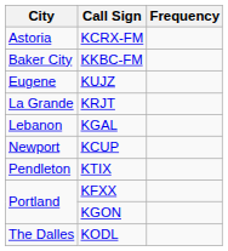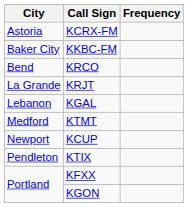 <table class="wikitable">
 <tr>
 <th scope="col">City</th>
 <th scope="col">Call Sign</th>
 <th scope="col">Frequency</th>
 </tr>
 <tr>
 <td><a href='#'>Astoria</a></td>
 <td><a href='#'>KCRX-FM</a></td>
 <td></td>
 </tr>
 <tr>
 <td><a href='#'>Baker City</a></td>
 <td><a href='#'>KKBC-FM</a></td>
 <td></td>
 </tr>
 <tr>
-<td><a href='#'>Eugene</a></td>
-<td><a href='#'>KUJZ</a></td>
+<td><a href='#'>Bend</a></td>
+<td><a href='#'>KRCO</a></td>
 <td></td>
 </tr>
 <tr>
 <td><a href='#'>La Grande</a></td>
 <td><a href='#'>KRJT</a></td>
 <td></td>
 </tr>
 <tr>
 <td><a href='#'>Lebanon</a></td>
 <td><a href='#'>KGAL</a></td>
+<td></td>
+</tr>
+<tr>
+<td><a href='#'>Medford</a></td>
+<td><a href='#'>KTMT</a></td>
 <td></td>
 </tr>
 <tr>
 <td><a href='#'>Newport</a></td>
 <td><a href='#'>KCUP</a></td>
 <td></td>
 </tr>
 <tr>
 <td><a href='#'>Pendleton</a></td>
 <td><a href='#'>KTIX</a></td>
 <td></td>
 </tr>
 <tr>
 <td rowspan=2><a href='#'>Portland</a></td>
 <td><a href='#'>KFXX</a></td>
 <td></td>
 </tr>
 <tr>
 <td><a href='#'>KGON</a></td>
 <td></td>
 </tr>
-<tr>
-<td><a href='#'>The Dalles</a></td>
-<td><a href='#'>KODL</a></td>
-<td></td>
-</tr>
 </table>
